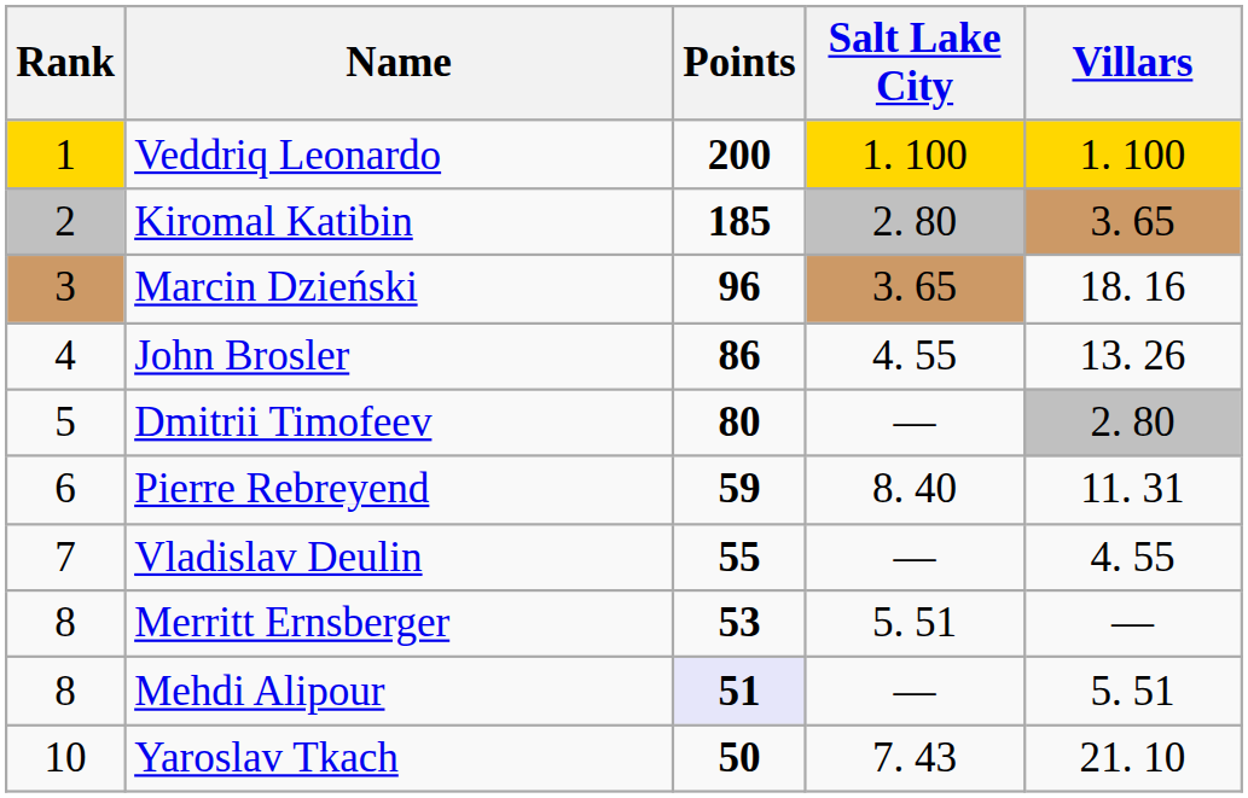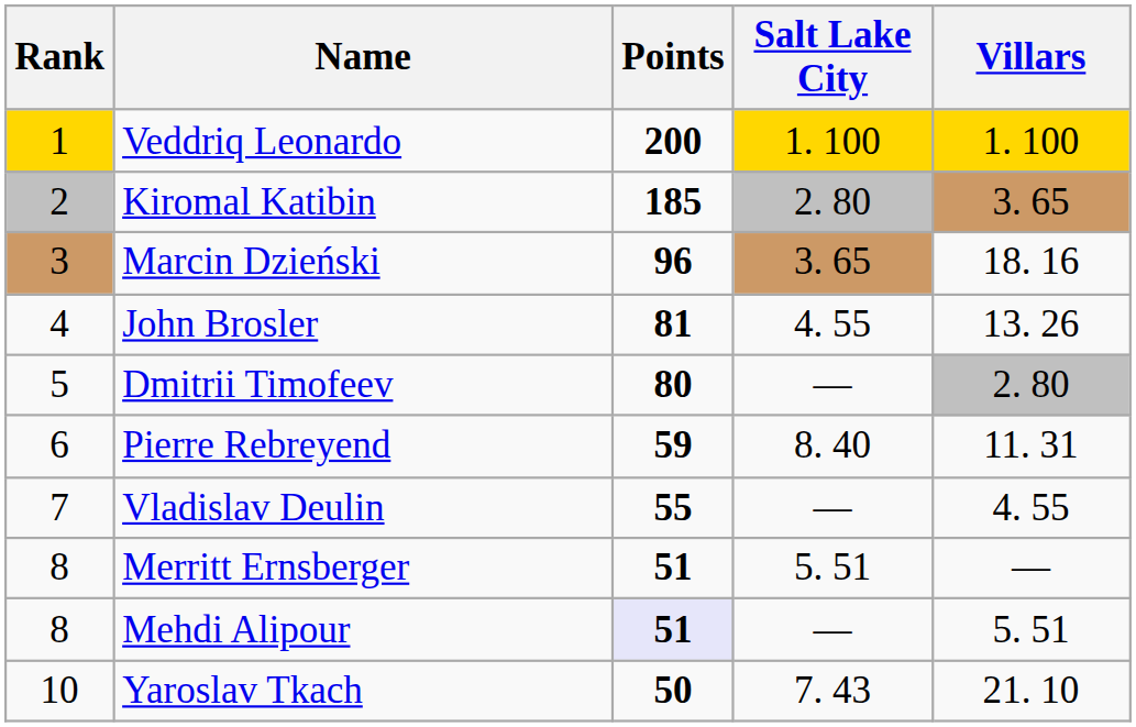 <table class="wikitable sortable">
 <tr>
 <th>Rank</th>
 <th width = "200">Name</th>
 <th>Points</th>
 <th width = "75" data-sort-type="number"><a href='#'>Salt Lake City</a></th>
 <th width = "75" data-sort-type="number"><a href='#'>Villars</a></th>
 </tr>
 <tr>
 <td align="center" style="background: gold">1</td>
 <td> <a href='#'>Veddriq Leonardo</a></td>
 <td align="center"><strong>200</strong></td>
 <td align="center" style="background: gold">1. 100</td>
 <td align="center" style="background: gold">1. 100</td>
 </tr>
 <tr>
 <td align="center" style="background: silver">2</td>
 <td> <a href='#'>Kiromal Katibin</a></td>
 <td align="center"><strong>185</strong></td>
 <td align="center" style="background: silver">2. 80</td>
 <td align="center" style="background: #cc9966">3. 65</td>
 </tr>
 <tr>
 <td align="center" style="background: #cc9966">3</td>
 <td> <a href='#'>Marcin Dzieński</a></td>
 <td align="center"><strong>96</strong></td>
 <td align="center" style="background: #cc9966">3. 65</td>
 <td align="center">18. 16</td>
 </tr>
 <tr>
 <td align="center">4</td>
 <td> <a href='#'>John Brosler</a></td>
-<td align="center"><strong>86</strong></td>
+<td align="center"><strong>81</strong></td>
 <td align="center">4. 55</td>
 <td align="center">13. 26</td>
 </tr>
 <tr>
 <td align="center">5</td>
 <td> <a href='#'>Dmitrii Timofeev</a></td>
 <td align="center"><strong>80</strong></td>
 <td align="center">—</td>
 <td align="center" style="background: silver">2. 80</td>
 </tr>
 <tr>
 <td align="center">6</td>
 <td> <a href='#'>Pierre Rebreyend</a></td>
 <td align="center"><strong>59</strong></td>
 <td align="center">8. 40</td>
 <td align="center">11. 31</td>
 </tr>
 <tr>
 <td align="center">7</td>
 <td> <a href='#'>Vladislav Deulin</a></td>
 <td align="center"><strong>55</strong></td>
 <td align="center">—</td>
 <td align="center">4. 55</td>
 </tr>
 <tr>
 <td align="center">8</td>
 <td> <a href='#'>Merritt Ernsberger</a></td>
-<td align="center"><strong>53</strong></td>
+<td align="center"><strong>51</strong></td>
 <td align="center">5. 51</td>
 <td align="center">—</td>
 </tr>
 <tr>
 <td align="center">8</td>
 <td> <a href='#'>Mehdi Alipour</a></td>
 <td align="center" style="background: lavender;"><strong>51</strong></td>
 <td align="center">—</td>
 <td align="center">5. 51</td>
 </tr>
 <tr>
 <td align="center">10</td>
 <td> <a href='#'>Yaroslav Tkach</a></td>
 <td align="center"><strong>50</strong></td>
 <td align="center">7. 43</td>
 <td align="center">21. 10</td>
 </tr>
 </table>
